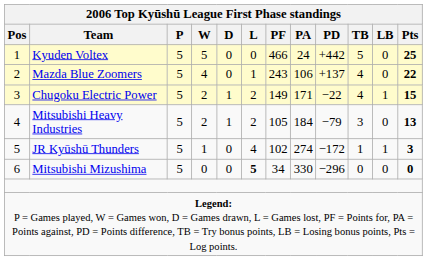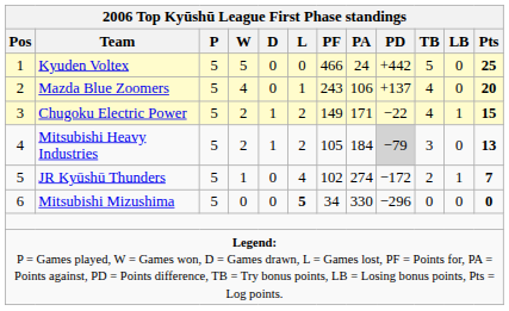 <table class="wikitable" style="text-align:center; font-size:100%; width:60%;">
 <tr>
 <th colspan="100%" cellpadding="0" cellspacing="0"><strong>2006 Top Kyūshū League First Phase standings</strong></th>
 </tr>
 <tr>
 <th style="width:6%;">Pos</th>
 <th style="width:34%;">Team</th>
 <th style="width:6%;">P</th>
 <th style="width:6%;">W</th>
 <th style="width:6%;">D</th>
 <th style="width:6%;">L</th>
 <th style="width:6%;">PF</th>
 <th style="width:6%;">PA</th>
 <th style="width:6%;">PD</th>
 <th style="width:6%;">TB</th>
 <th style="width:6%;">LB</th>
 <th style="width:6%;">Pts<br></th>
 </tr>
 <tr style="background:#FFFCCC;">
 <td>1</td>
 <td style="text-align:left;"><a href='#'>Kyuden Voltex</a></td>
 <td>5</td>
 <td>5</td>
 <td>0</td>
 <td>0</td>
 <td>466</td>
 <td>24</td>
 <td>+442</td>
 <td>5</td>
 <td>0</td>
 <td><strong>25</strong></td>
 </tr>
 <tr style="background:#FFFCCC;">
 <td>2</td>
 <td style="text-align:left;"><a href='#'>Mazda Blue Zoomers</a></td>
 <td>5</td>
 <td>4</td>
 <td>0</td>
 <td>1</td>
 <td>243</td>
 <td>106</td>
 <td>+137</td>
 <td>4</td>
 <td>0</td>
-<td><strong>22</strong></td>
+<td><strong>20</strong></td>
 </tr>
 <tr style="background:#FFFCCC;">
 <td>3</td>
 <td style="text-align:left;"><a href='#'>Chugoku Electric Power</a></td>
 <td>5</td>
 <td>2</td>
 <td>1</td>
 <td>2</td>
 <td>149</td>
 <td>171</td>
 <td>−22</td>
 <td>4</td>
 <td>1</td>
 <td><strong>15</strong></td>
 </tr>
 <tr>
 <td>4</td>
 <td style="text-align:left;"><a href='#'>Mitsubishi Heavy Industries</a></td>
 <td>5</td>
 <td>2</td>
 <td>1</td>
 <td>2</td>
 <td>105</td>
 <td>184</td>
-<td>−79</td>
+<td style="background: lightgrey;">−79</td>
 <td>3</td>
 <td>0</td>
 <td><strong>13</strong></td>
 </tr>
 <tr>
 <td>5</td>
 <td style="text-align:left;"><a href='#'>JR Kyūshū Thunders</a></td>
 <td>5</td>
 <td>1</td>
 <td>0</td>
 <td>4</td>
 <td>102</td>
 <td>274</td>
 <td>−172</td>
+<td>2</td>
 <td>1</td>
-<td>1</td>
-<td><strong>3</strong></td>
+<td><strong>7</strong></td>
 </tr>
 <tr>
 <td>6</td>
 <td style="text-align:left;"><a href='#'>Mitsubishi Mizushima</a></td>
 <td>5</td>
 <td>0</td>
 <td>0</td>
 <td><strong>5</strong></td>
 <td>34</td>
 <td>330</td>
 <td>−296</td>
 <td>0</td>
 <td>0</td>
 <td><strong>0</strong></td>
 </tr>
 <tr>
 <td colspan="100%" style="height:10px;"></td>
 </tr>
 <tr>
 <td colspan="100%"><small><strong>Legend:</strong> <br> P = Games played, W = Games won, D = Games drawn, L = Games lost, PF = Points for, PA = Points against, PD = Points difference, TB = Try bonus points, LB = Losing bonus points, Pts = Log points.</small></td>
 </tr>
 </table>
